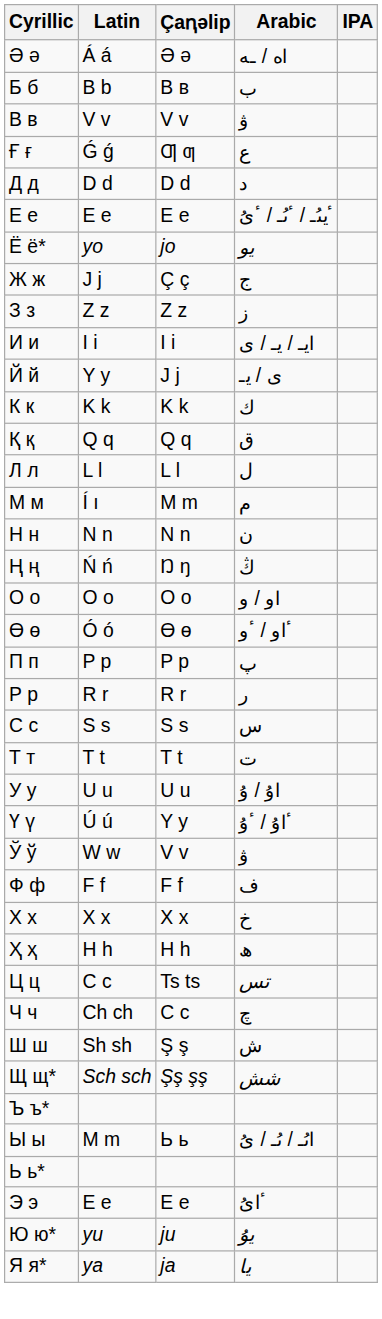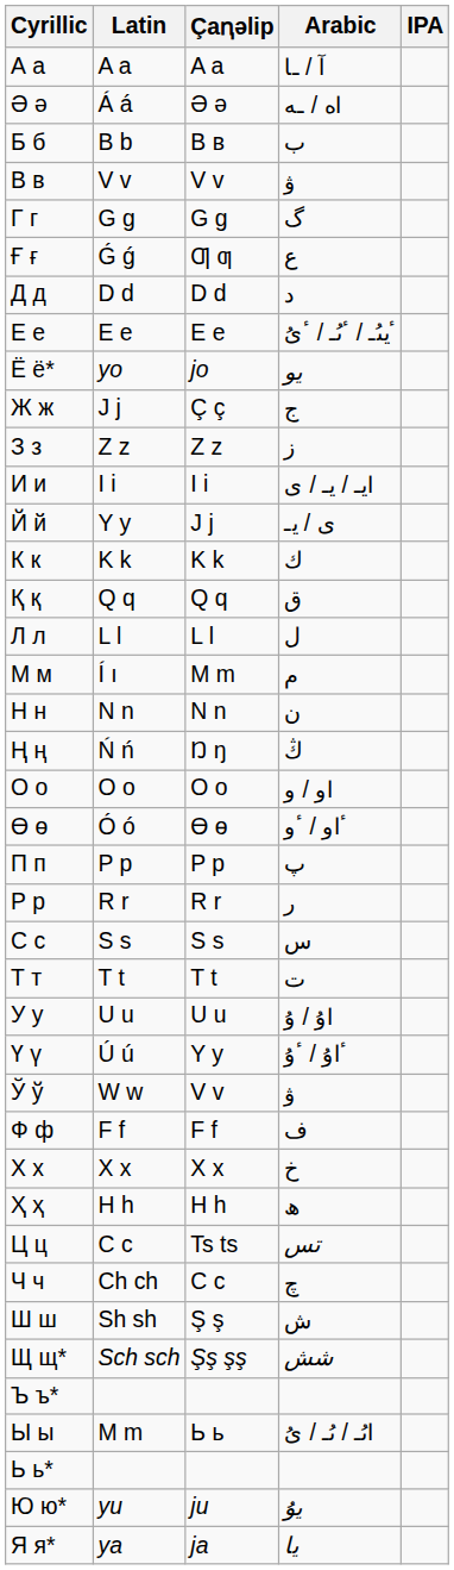 <table class="wikitable sortable">
 <tr>
 <th>Cyrillic</th>
 <th>Latin</th>
 <th>Çaꞑəlip</th>
 <th>Arabic</th>
 <th>IPA</th>
+</tr>
+<tr>
+<td>А а</td>
+<td>A a</td>
+<td>A a</td>
+<td>آ / ‍ـا</td>
+<td></td>
 </tr>
 <tr>
 <td>Ә ә</td>
 <td>Á á</td>
 <td>Ə ə</td>
 <td>اە / ـە</td>
 <td></td>
 </tr>
 <tr>
 <td>Б б</td>
 <td>B b</td>
 <td>B в</td>
 <td>ب</td>
 <td></td>
 </tr>
 <tr>
 <td>В в</td>
 <td>V v</td>
 <td>V v</td>
 <td>ۋ</td>
 <td></td>
+</tr>
+<tr>
+<td>Г г</td>
+<td>G g</td>
+<td>G g</td>
+<td>گ</td>
+<td>‌ </td>
 </tr>
 <tr>
 <td>Ғ ғ</td>
 <td>Ǵ ǵ</td>
 <td>Ƣ ƣ</td>
 <td>ع</td>
 <td></td>
 </tr>
 <tr>
 <td>Д д</td>
 <td>D d</td>
 <td>D d</td>
 <td>د</td>
 <td></td>
 </tr>
 <tr>
 <td>Е е</td>
 <td>E e</td>
 <td>E e</td>
 <td>ٴیىُـ / ٴىُـ / ٴىُ</td>
 <td></td>
 </tr>
 <tr>
 <td>Ё ё*</td>
 <td><em>yo</em></td>
 <td><em>jo</em></td>
 <td><em>یو</em></td>
 <td></td>
 </tr>
 <tr>
 <td>Ж ж</td>
 <td>J j</td>
 <td>Ç ç</td>
 <td>ج</td>
 <td></td>
 </tr>
 <tr>
 <td>З з</td>
 <td>Z z</td>
 <td>Z z</td>
 <td>ز</td>
 <td></td>
 </tr>
 <tr>
 <td>И и</td>
 <td>I i</td>
 <td>I i</td>
 <td>ایـ / یـ / ی</td>
 <td></td>
 </tr>
 <tr>
 <td>Й й</td>
 <td>Y y</td>
 <td>J j</td>
 <td>ی / یـ</td>
 <td></td>
 </tr>
 <tr>
 <td>К к</td>
 <td>K k</td>
 <td>K k</td>
 <td>ك</td>
 <td></td>
 </tr>
 <tr>
 <td>Қ қ</td>
 <td>Q q</td>
 <td>Q q</td>
 <td>ق</td>
 <td></td>
 </tr>
 <tr>
 <td>Л л</td>
 <td>L l</td>
 <td>L l</td>
 <td>ل</td>
 <td></td>
 </tr>
 <tr>
 <td>М м</td>
 <td>Í ı</td>
 <td>M m</td>
 <td>م</td>
 <td></td>
 </tr>
 <tr>
 <td>Н н</td>
 <td>N n</td>
 <td>N n</td>
 <td>ن</td>
 <td></td>
 </tr>
 <tr>
 <td>Ң ң</td>
 <td>Ń ń</td>
 <td>Ŋ ŋ</td>
 <td>ڭ</td>
 <td></td>
 </tr>
 <tr>
 <td>О о</td>
 <td>O o</td>
 <td>O o</td>
 <td>او / و</td>
 <td></td>
 </tr>
 <tr>
 <td>Ө ө</td>
 <td>Ó ó</td>
 <td>Ɵ ɵ</td>
 <td>ٴاو / ٴو</td>
 <td>‌</td>
 </tr>
 <tr>
 <td>П п</td>
 <td>P p</td>
 <td>P p</td>
 <td>پ</td>
 <td>‌</td>
 </tr>
 <tr>
 <td>Р р</td>
 <td>R r</td>
 <td>R r</td>
 <td>ر</td>
 <td>‌</td>
 </tr>
 <tr>
 <td>С с</td>
 <td>S s</td>
 <td>S s</td>
 <td>س</td>
 <td></td>
 </tr>
 <tr>
 <td>Т т</td>
 <td>T t</td>
 <td>T t</td>
 <td>ت</td>
 <td></td>
 </tr>
 <tr>
 <td>У у</td>
 <td>U u</td>
 <td>U u</td>
 <td>اۇ / ۇ</td>
 <td></td>
 </tr>
 <tr>
 <td>Ү ү</td>
 <td>Ú ú</td>
 <td>Y y</td>
 <td>ٴاۇ / ٴۇ</td>
 <td>‌ </td>
 </tr>
 <tr>
 <td>Ў ў</td>
 <td>W w</td>
 <td>V v</td>
 <td>ۋ</td>
 <td></td>
 </tr>
 <tr>
 <td>Ф ф</td>
 <td>F f</td>
 <td>F f</td>
 <td>ف</td>
 <td>‌</td>
 </tr>
 <tr>
 <td>Х х</td>
 <td>X x</td>
 <td>X x</td>
 <td>خ</td>
 <td>‌</td>
 </tr>
 <tr>
 <td>Ҳ ҳ</td>
 <td>H h</td>
 <td>H h</td>
 <td>ھ</td>
 <td>‌ </td>
 </tr>
 <tr>
 <td>Ц ц</td>
 <td>C c</td>
 <td>Ts ts</td>
 <td><em>تس</em></td>
 <td></td>
 </tr>
 <tr>
 <td>Ч ч</td>
 <td>Ch ch</td>
 <td>C c</td>
 <td>چ</td>
 <td></td>
 </tr>
 <tr>
 <td>Ш ш</td>
 <td>Sh sh</td>
 <td>Ş ş</td>
 <td>ش</td>
 <td></td>
 </tr>
 <tr>
 <td>Щ щ*</td>
 <td><em>Sch sch</em></td>
 <td><em>Şş şş</em></td>
 <td><em>شش</em></td>
 <td></td>
 </tr>
 <tr>
 <td>Ъ ъ*</td>
 <td> </td>
 <td> </td>
 <td> </td>
 <td> </td>
 </tr>
 <tr>
 <td>Ы ы</td>
 <td>M m</td>
 <td>Ь ь</td>
 <td>اىُـ / ىُـ / ىُ</td>
 <td></td>
 </tr>
 <tr>
 <td>Ь ь*</td>
 <td> </td>
 <td> </td>
 <td> </td>
 <td> </td>
 </tr>
 <tr>
-<td>Э э</td>
-<td>E e</td>
-<td>E e</td>
-<td>ٴاىُ</td>
-<td></td>
-</tr>
-<tr>
 <td>Ю ю*</td>
 <td><em>yu</em></td>
 <td><em>ju</em></td>
 <td><em>يۇ</em></td>
 <td></td>
 </tr>
 <tr>
 <td>Я я*</td>
 <td><em>ya</em></td>
 <td><em>ja</em></td>
 <td><em>يا</em></td>
 <td>‌</td>
 </tr>
 </table>
